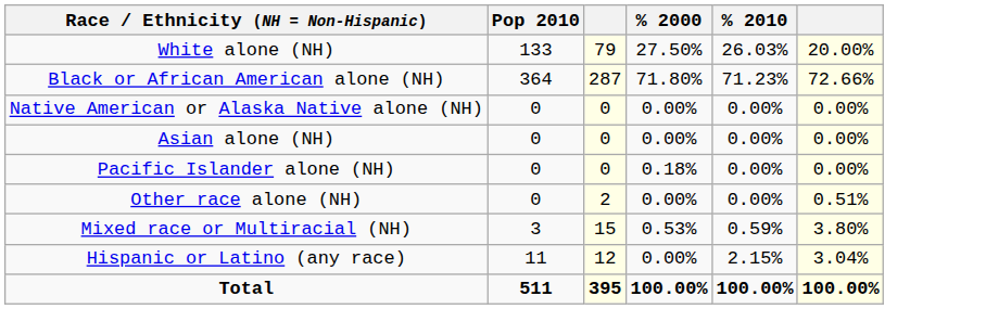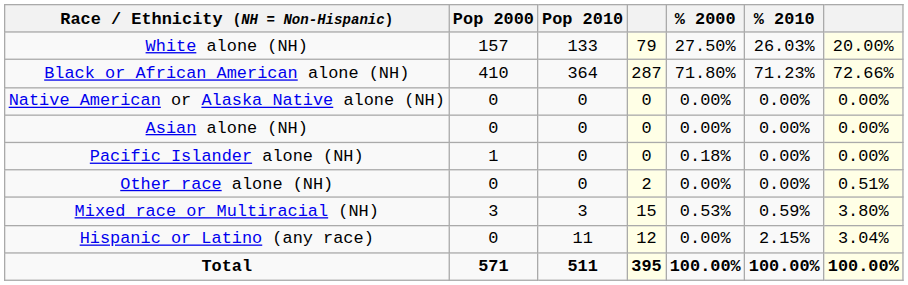 <table class="wikitable" style="text-align:center;">
 <tr>
 <th>Race / Ethnicity <small>(<em>NH = Non-Hispanic</em>)</small></th>
+<th>Pop 2000</th>
 <th>Pop 2010</th>
 <th></th>
 <th>% 2000</th>
 <th>% 2010</th>
 <th></th>
 </tr>
 <tr>
 <td><a href='#'>White</a> alone (NH)</td>
+<td>157</td>
 <td>133</td>
 <td style='background: #ffffe6;'>79</td>
 <td>27.50%</td>
 <td>26.03%</td>
 <td style='background: #ffffe6;'>20.00%</td>
 </tr>
 <tr>
 <td><a href='#'>Black or African American</a> alone (NH)</td>
+<td>410</td>
 <td>364</td>
 <td style='background: #ffffe6;'>287</td>
 <td>71.80%</td>
 <td>71.23%</td>
 <td style='background: #ffffe6;'>72.66%</td>
 </tr>
 <tr>
 <td><a href='#'>Native American</a> or <a href='#'>Alaska Native</a> alone (NH)</td>
 <td>0</td>
+<td>0</td>
 <td style='background: #ffffe6;'>0</td>
 <td>0.00%</td>
 <td>0.00%</td>
 <td style='background: #ffffe6;'>0.00%</td>
 </tr>
 <tr>
 <td><a href='#'>Asian</a> alone (NH)</td>
 <td>0</td>
+<td>0</td>
 <td style='background: #ffffe6;'>0</td>
 <td>0.00%</td>
 <td>0.00%</td>
 <td style='background: #ffffe6;'>0.00%</td>
 </tr>
 <tr>
 <td><a href='#'>Pacific Islander</a> alone (NH)</td>
+<td>1</td>
 <td>0</td>
 <td style='background: #ffffe6;'>0</td>
 <td>0.18%</td>
 <td>0.00%</td>
 <td style='background: #ffffe6;'>0.00%</td>
 </tr>
 <tr>
 <td><a href='#'>Other race</a> alone (NH)</td>
 <td>0</td>
+<td>0</td>
 <td style='background: #ffffe6;'>2</td>
 <td>0.00%</td>
 <td>0.00%</td>
 <td style='background: #ffffe6;'>0.51%</td>
 </tr>
 <tr>
 <td><a href='#'>Mixed race or Multiracial</a> (NH)</td>
 <td>3</td>
+<td>3</td>
 <td style='background: #ffffe6;'>15</td>
 <td>0.53%</td>
 <td>0.59%</td>
 <td style='background: #ffffe6;'>3.80%</td>
 </tr>
 <tr>
 <td><a href='#'>Hispanic or Latino</a> (any race)</td>
+<td>0</td>
 <td>11</td>
 <td style='background: #ffffe6;'>12</td>
 <td>0.00%</td>
 <td>2.15%</td>
 <td style='background: #ffffe6;'>3.04%</td>
 </tr>
 <tr>
 <td><strong>Total</strong></td>
+<td><strong>571</strong></td>
 <td><strong>511</strong></td>
 <td style='background: #ffffe6;'><strong>395</strong></td>
 <td><strong>100.00%</strong></td>
 <td><strong>100.00%</strong></td>
 <td style='background: #ffffe6;'><strong>100.00%</strong></td>
 </tr>
 </table>
